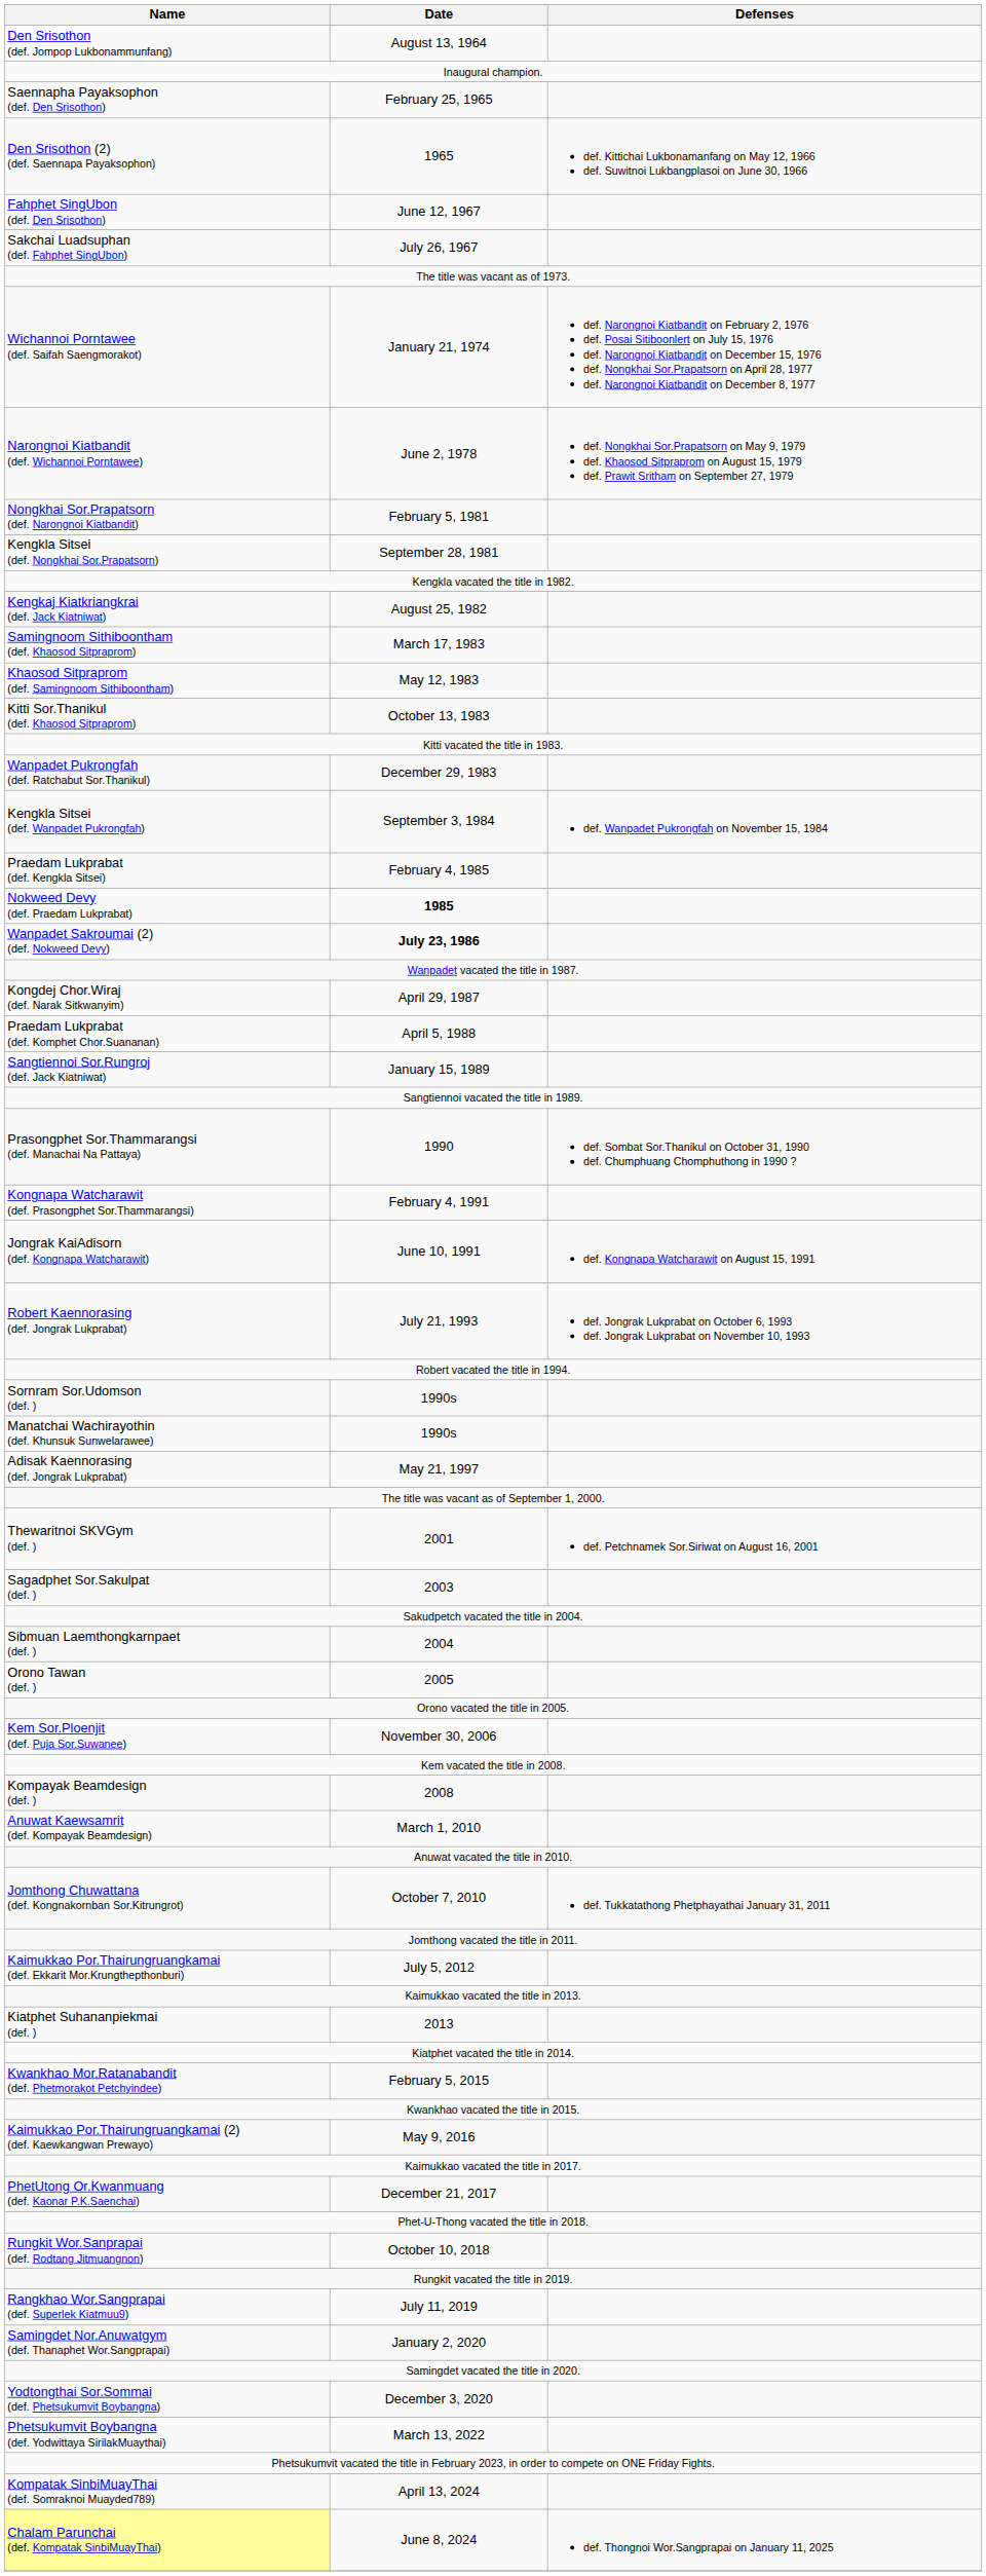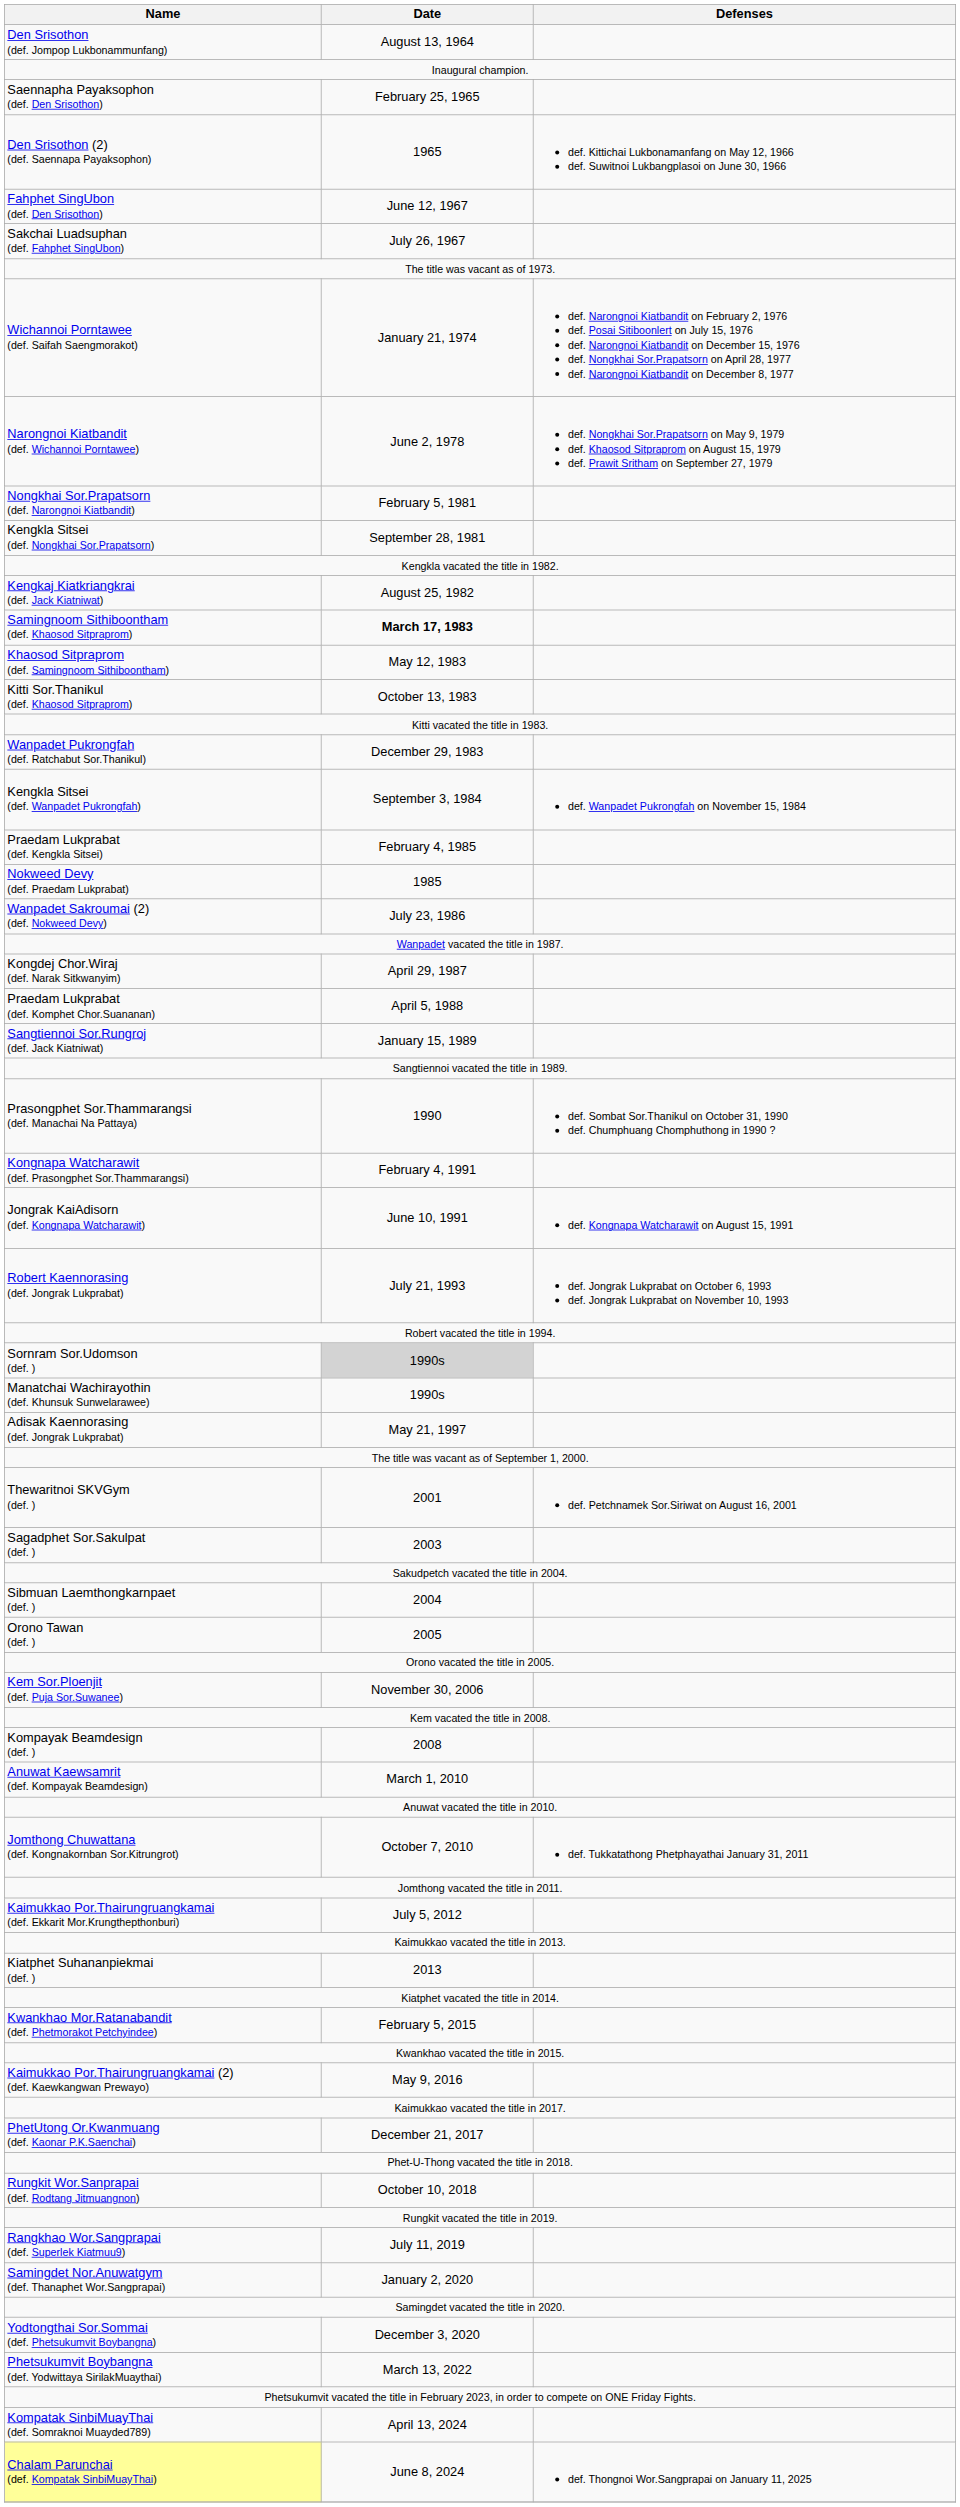 <table class="wikitable" width=60%>
 <tr>
 <th width=30%>Name</th>
 <th width=20%>Date</th>
 <th width=40%>Defenses</th>
 </tr>
 <tr>
 <td align=left> <a href='#'>Den Srisothon</a><br><small>(def. Jompop Lukbonammunfang)</small></td>
 <td align=center>August 13, 1964</td>
 <td></td>
 </tr>
 <tr>
 <td colspan=4 align=center><small>Inaugural champion.</small></td>
 </tr>
 <tr>
 <td align=left> Saennapha Payaksophon<br><small>(def. <a href='#'>Den Srisothon</a>)</small></td>
 <td align=center>February 25, 1965</td>
 <td></td>
 </tr>
 <tr>
 <td> <a href='#'>Den Srisothon</a> (2)<br><small>(def. Saennapa Payaksophon)</small></td>
 <td align=center>1965</td>
 <td><br><ul><li><small>def. Kittichai Lukbonamanfang on May 12, 1966</small></li><li><small>def. Suwitnoi Lukbangplasoi on June 30, 1966</small></li></ul></td>
 </tr>
 <tr>
 <td align=left> <a href='#'>Fahphet SingUbon</a><br><small>(def. <a href='#'>Den Srisothon</a>)</small></td>
 <td align=center>June 12, 1967</td>
 <td></td>
 </tr>
 <tr>
 <td align=left> Sakchai Luadsuphan<br><small>(def. <a href='#'>Fahphet SingUbon</a>)</small></td>
 <td align=center>July 26, 1967</td>
 <td></td>
 </tr>
 <tr>
 <td colspan=4 align=center><small> The title was vacant as of 1973.</small></td>
 </tr>
 <tr>
 <td align=left> <a href='#'>Wichannoi Porntawee</a> <br><small>(def. Saifah Saengmorakot)</small></td>
 <td align=center>January 21, 1974</td>
 <td><br><ul><li><small>def. <a href='#'>Narongnoi Kiatbandit</a> on February 2, 1976</small></li><li><small>def. <a href='#'>Posai Sitiboonlert</a> on July 15, 1976</small></li><li><small>def. <a href='#'>Narongnoi Kiatbandit</a> on December 15, 1976</small></li><li><small>def. <a href='#'>Nongkhai Sor.Prapatsorn</a> on April 28, 1977</small></li><li><small>def. <a href='#'>Narongnoi Kiatbandit</a> on December 8, 1977</small></li></ul></td>
 </tr>
 <tr>
 <td align=left> <a href='#'>Narongnoi Kiatbandit</a> <br><small>(def. <a href='#'>Wichannoi Porntawee</a>)</small></td>
 <td align=center>June 2, 1978</td>
 <td><br><ul><li><small>def. <a href='#'>Nongkhai Sor.Prapatsorn</a> on May 9, 1979</small></li><li><small>def. <a href='#'>Khaosod Sitpraprom</a> on August 15, 1979</small></li><li><small>def. <a href='#'>Prawit Sritham</a> on September 27, 1979</small></li></ul></td>
 </tr>
 <tr>
 <td align=left> <a href='#'>Nongkhai Sor.Prapatsorn</a> <br><small>(def. <a href='#'>Narongnoi Kiatbandit</a>)</small></td>
 <td align=center>February 5, 1981</td>
 <td></td>
 </tr>
 <tr>
 <td align=left> Kengkla Sitsei <br><small>(def. <a href='#'>Nongkhai Sor.Prapatsorn</a>)</small></td>
 <td align=center>September 28, 1981</td>
 <td></td>
 </tr>
 <tr>
 <td colspan=4 align=center><small>Kengkla vacated the title in 1982.</small></td>
 </tr>
 <tr>
 <td align=left> <a href='#'>Kengkaj Kiatkriangkrai</a> <br><small>(def. <a href='#'>Jack Kiatniwat</a>)</small></td>
 <td align=center>August 25, 1982</td>
 <td></td>
 </tr>
 <tr>
 <td align=left> <a href='#'>Samingnoom Sithiboontham</a> <br><small>(def. <a href='#'>Khaosod Sitpraprom</a>)</small></td>
-<td align=center>March 17, 1983</td>
+<td align=center><strong>March 17, 1983</strong></td>
 <td></td>
 </tr>
 <tr>
 <td align=left> <a href='#'>Khaosod Sitpraprom</a> <br><small>(def. <a href='#'>Samingnoom Sithiboontham</a>)</small></td>
 <td align=center>May 12, 1983</td>
 <td></td>
 </tr>
 <tr>
 <td align=left> Kitti Sor.Thanikul <br><small>(def. <a href='#'>Khaosod Sitpraprom</a>)</small></td>
 <td align=center>October 13, 1983</td>
 <td></td>
 </tr>
 <tr>
 <td colspan=4 align=center><small>Kitti vacated the title in 1983.</small></td>
 </tr>
 <tr>
 <td align=left> <a href='#'>Wanpadet Pukrongfah</a> <br><small>(def. Ratchabut Sor.Thanikul)</small></td>
 <td align=center>December 29, 1983</td>
 <td></td>
 </tr>
 <tr>
 <td align=left> Kengkla Sitsei <br><small>(def. <a href='#'>Wanpadet Pukrongfah</a>)</small></td>
 <td align=center>September 3, 1984</td>
 <td><br><ul><li><small>def. <a href='#'>Wanpadet Pukrongfah</a> on November 15, 1984</small></li></ul></td>
 </tr>
 <tr>
 <td align=left> Praedam Lukprabat <br><small>(def. Kengkla Sitsei)</small></td>
 <td align=center>February 4, 1985</td>
 <td></td>
 </tr>
 <tr>
 <td align=left> <a href='#'>Nokweed Devy</a> <br><small>(def. Praedam Lukprabat)</small></td>
-<td align=center><strong>1985</strong></td>
+<td align=center>1985</td>
 <td></td>
 </tr>
 <tr>
 <td align=left> <a href='#'>Wanpadet Sakroumai</a> (2) <br><small>(def. <a href='#'>Nokweed Devy</a>)</small></td>
-<td align=center><strong>July 23, 1986</strong></td>
+<td align=center>July 23, 1986</td>
 <td></td>
 </tr>
 <tr>
 <td colspan=4 align=center><small><a href='#'>Wanpadet</a> vacated the title in 1987.</small></td>
 </tr>
 <tr>
 <td align=left> Kongdej Chor.Wiraj <br><small>(def. Narak Sitkwanyim)</small></td>
 <td align=center>April 29, 1987</td>
 <td></td>
 </tr>
 <tr>
 <td align=left> Praedam Lukprabat <br><small>(def. Komphet Chor.Suananan)</small></td>
 <td align=center>April 5, 1988</td>
 <td></td>
 </tr>
 <tr>
 <td align=left> <a href='#'>Sangtiennoi Sor.Rungroj</a> <br><small>(def. Jack Kiatniwat)</small></td>
 <td align=center>January 15, 1989</td>
 <td></td>
 </tr>
 <tr>
 <td colspan=4 align=center><small>Sangtiennoi vacated the title in 1989.</small></td>
 </tr>
 <tr>
 <td align=left> Prasongphet Sor.Thammarangsi <br><small>(def. Manachai Na Pattaya)</small></td>
 <td align=center>1990</td>
 <td><br><ul><li><small>def. Sombat Sor.Thanikul on October 31, 1990</small></li><li><small>def. Chumphuang Chomphuthong in 1990 ?</small></li></ul></td>
 </tr>
 <tr>
 <td align=left> <a href='#'>Kongnapa Watcharawit</a> <br><small>(def. Prasongphet Sor.Thammarangsi)</small></td>
 <td align=center>February 4, 1991</td>
 <td></td>
 </tr>
 <tr>
 <td align=left> Jongrak KaiAdisorn <br><small>(def. <a href='#'>Kongnapa Watcharawit</a>)</small></td>
 <td align=center>June 10, 1991</td>
 <td><br><ul><li><small>def. <a href='#'>Kongnapa Watcharawit</a> on August 15, 1991</small></li></ul></td>
 </tr>
 <tr>
 <td align=left> <a href='#'>Robert Kaennorasing</a> <br><small>(def. Jongrak Lukprabat)</small></td>
 <td align=center>July 21, 1993</td>
 <td><br><ul><li><small>def. Jongrak Lukprabat on October 6, 1993</small></li><li><small>def. Jongrak Lukprabat on November 10, 1993</small></li></ul></td>
 </tr>
 <tr>
 <td colspan=4 align=center><small>Robert vacated the title in 1994.</small></td>
 </tr>
 <tr>
 <td align=left> Sornram Sor.Udomson<br><small>(def. )</small></td>
-<td align=center>1990s</td>
+<td align=center style="background: lightgrey;">1990s</td>
 <td></td>
 </tr>
 <tr>
 <td align=left> Manatchai Wachirayothin <br><small>(def. Khunsuk Sunwelarawee)</small></td>
 <td align=center>1990s</td>
 <td></td>
 </tr>
 <tr>
 <td align=left> Adisak Kaennorasing <br><small>(def. Jongrak Lukprabat)</small></td>
 <td align=center>May 21, 1997</td>
 <td></td>
 </tr>
 <tr>
 <td colspan=4 align=center><small>The title was vacant as of September 1, 2000.</small></td>
 </tr>
 <tr>
 <td align=left> Thewaritnoi SKVGym<br><small>(def. )</small></td>
 <td align=center>2001</td>
 <td><br><ul><li><small>def. Petchnamek Sor.Siriwat on August 16, 2001</small></li></ul></td>
 </tr>
 <tr>
 <td align=left> Sagadphet Sor.Sakulpat <br><small>(def. )</small></td>
 <td align=center>2003</td>
 <td></td>
 </tr>
 <tr>
 <td colspan=4 align=center><small>Sakudpetch vacated the title in 2004.</small></td>
 </tr>
 <tr>
 <td align=left> Sibmuan Laemthongkarnpaet<br><small>(def. )</small></td>
 <td align=center>2004</td>
 <td></td>
 </tr>
 <tr>
 <td align=left> Orono Tawan <br><small>(def. )</small></td>
 <td align=center>2005</td>
 <td></td>
 </tr>
 <tr>
 <td colspan=4 align=center><small>Orono vacated the title in 2005.</small></td>
 </tr>
 <tr>
 <td align=left> <a href='#'>Kem Sor.Ploenjit</a> <br><small>(def. <a href='#'>Puja Sor.Suwanee</a>)</small></td>
 <td align=center>November 30, 2006</td>
 <td></td>
 </tr>
 <tr>
 <td colspan=4 align=center><small>Kem vacated the title in 2008.</small></td>
 </tr>
 <tr>
 <td align=left> Kompayak Beamdesign<br><small>(def. )</small></td>
 <td align=center>2008</td>
 <td></td>
 </tr>
 <tr>
 <td align=left> <a href='#'>Anuwat Kaewsamrit</a> <br><small>(def. Kompayak Beamdesign)</small></td>
 <td align=center>March 1, 2010</td>
 <td></td>
 </tr>
 <tr>
 <td colspan=4 align=center><small>Anuwat vacated the title in 2010.</small></td>
 </tr>
 <tr>
 <td align=left> <a href='#'>Jomthong Chuwattana</a> <br><small>(def. Kongnakornban Sor.Kitrungrot)</small></td>
 <td align=center>October 7, 2010</td>
 <td><br><ul><li><small>def. Tukkatathong Phetphayathai January 31, 2011</small></li></ul></td>
 </tr>
 <tr>
 <td colspan=4 align=center><small>Jomthong vacated the title in 2011.</small></td>
 </tr>
 <tr>
 <td align=left> <a href='#'>Kaimukkao Por.Thairungruangkamai</a> <br><small>(def. Ekkarit Mor.Krungthepthonburi)</small></td>
 <td align=center>July 5, 2012</td>
 <td></td>
 </tr>
 <tr>
 <td colspan=4 align=center><small>Kaimukkao vacated the title in 2013.</small></td>
 </tr>
 <tr>
 <td align=left> Kiatphet Suhananpiekmai <br><small>(def. )</small></td>
 <td align=center>2013</td>
 <td></td>
 </tr>
 <tr>
 <td colspan=4 align=center><small>Kiatphet vacated the title in 2014.</small></td>
 </tr>
 <tr>
 <td align=left> <a href='#'>Kwankhao Mor.Ratanabandit</a> <br><small>(def. <a href='#'>Phetmorakot Petchyindee</a>)</small></td>
 <td align=center>February 5, 2015</td>
 <td></td>
 </tr>
 <tr>
 <td colspan=4 align=center><small>Kwankhao vacated the title in 2015.</small></td>
 </tr>
 <tr>
 <td align=left> <a href='#'>Kaimukkao Por.Thairungruangkamai</a> (2)<br><small>(def. Kaewkangwan Prewayo)</small></td>
 <td align=center>May 9, 2016</td>
 <td></td>
 </tr>
 <tr>
 <td colspan=4 align=center><small>Kaimukkao vacated the title in 2017.</small></td>
 </tr>
 <tr>
 <td align=left> <a href='#'>PhetUtong Or.Kwanmuang</a> <br><small>(def. <a href='#'>Kaonar P.K.Saenchai</a>)</small></td>
 <td align=center>December 21, 2017</td>
 <td></td>
 </tr>
 <tr>
 <td colspan=4 align=center><small>Phet-U-Thong vacated the title in 2018.</small></td>
 </tr>
 <tr>
 <td align=left> <a href='#'>Rungkit Wor.Sanprapai</a> <br><small>(def. <a href='#'>Rodtang Jitmuangnon</a>)</small></td>
 <td align=center>October 10, 2018</td>
 <td></td>
 </tr>
 <tr>
 <td colspan=4 align=center><small>Rungkit vacated the title in 2019.</small></td>
 </tr>
 <tr>
 <td align=left> <a href='#'>Rangkhao Wor.Sangprapai</a> <br><small>(def. <a href='#'>Superlek Kiatmuu9</a>)</small></td>
 <td align=center>July 11, 2019</td>
 <td></td>
 </tr>
 <tr>
 <td align=left> <a href='#'>Samingdet Nor.Anuwatgym</a> <br><small>(def. Thanaphet Wor.Sangprapai)</small></td>
 <td align=center>January 2, 2020</td>
 <td></td>
 </tr>
 <tr>
 <td colspan=4 align=center><small>Samingdet vacated the title in 2020.</small></td>
 </tr>
 <tr>
 <td align=left> <a href='#'>Yodtongthai Sor.Sommai</a> <br><small>(def. <a href='#'>Phetsukumvit Boybangna</a>)</small></td>
 <td align=center>December 3, 2020</td>
 <td></td>
 </tr>
 <tr>
 <td align=left> <a href='#'>Phetsukumvit Boybangna</a> <br><small>(def. Yodwittaya SirilakMuaythai)</small></td>
 <td align=center>March 13, 2022</td>
 <td></td>
 </tr>
 <tr>
 <td colspan=4 align=center><small>Phetsukumvit vacated the title in February 2023, in order to compete on ONE Friday Fights.</small></td>
 </tr>
 <tr>
 <td align=left> <a href='#'>Kompatak SinbiMuayThai</a> <br><small>(def. Somraknoi Muayded789)</small></td>
 <td align=center>April 13, 2024</td>
 <td></td>
 </tr>
 <tr>
 <td align=left bgcolor="#FFFF99"> <a href='#'>Chalam Parunchai</a> <br><small>(def. <a href='#'>Kompatak SinbiMuayThai</a>)</small></td>
 <td align=center>June 8, 2024</td>
 <td><br><ul><li><small>def. Thongnoi Wor.Sangprapai on January 11, 2025</small></li></ul></td>
 </tr>
 <tr>
 </tr>
 </table>
